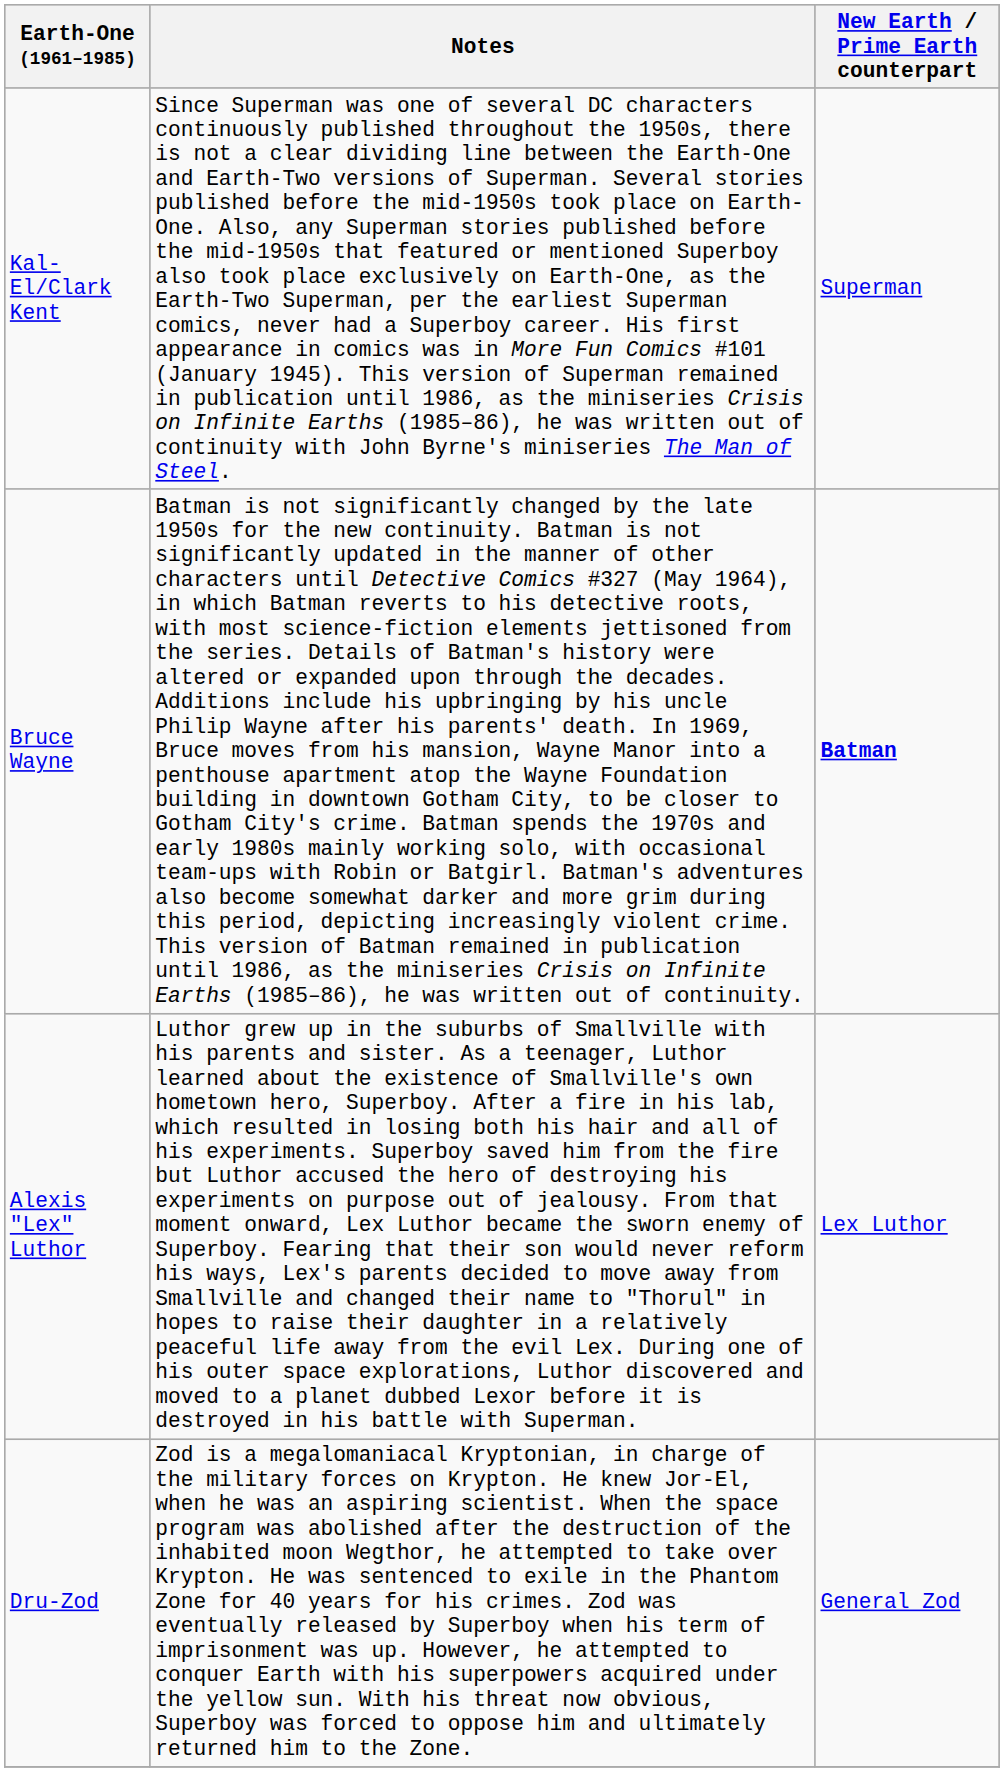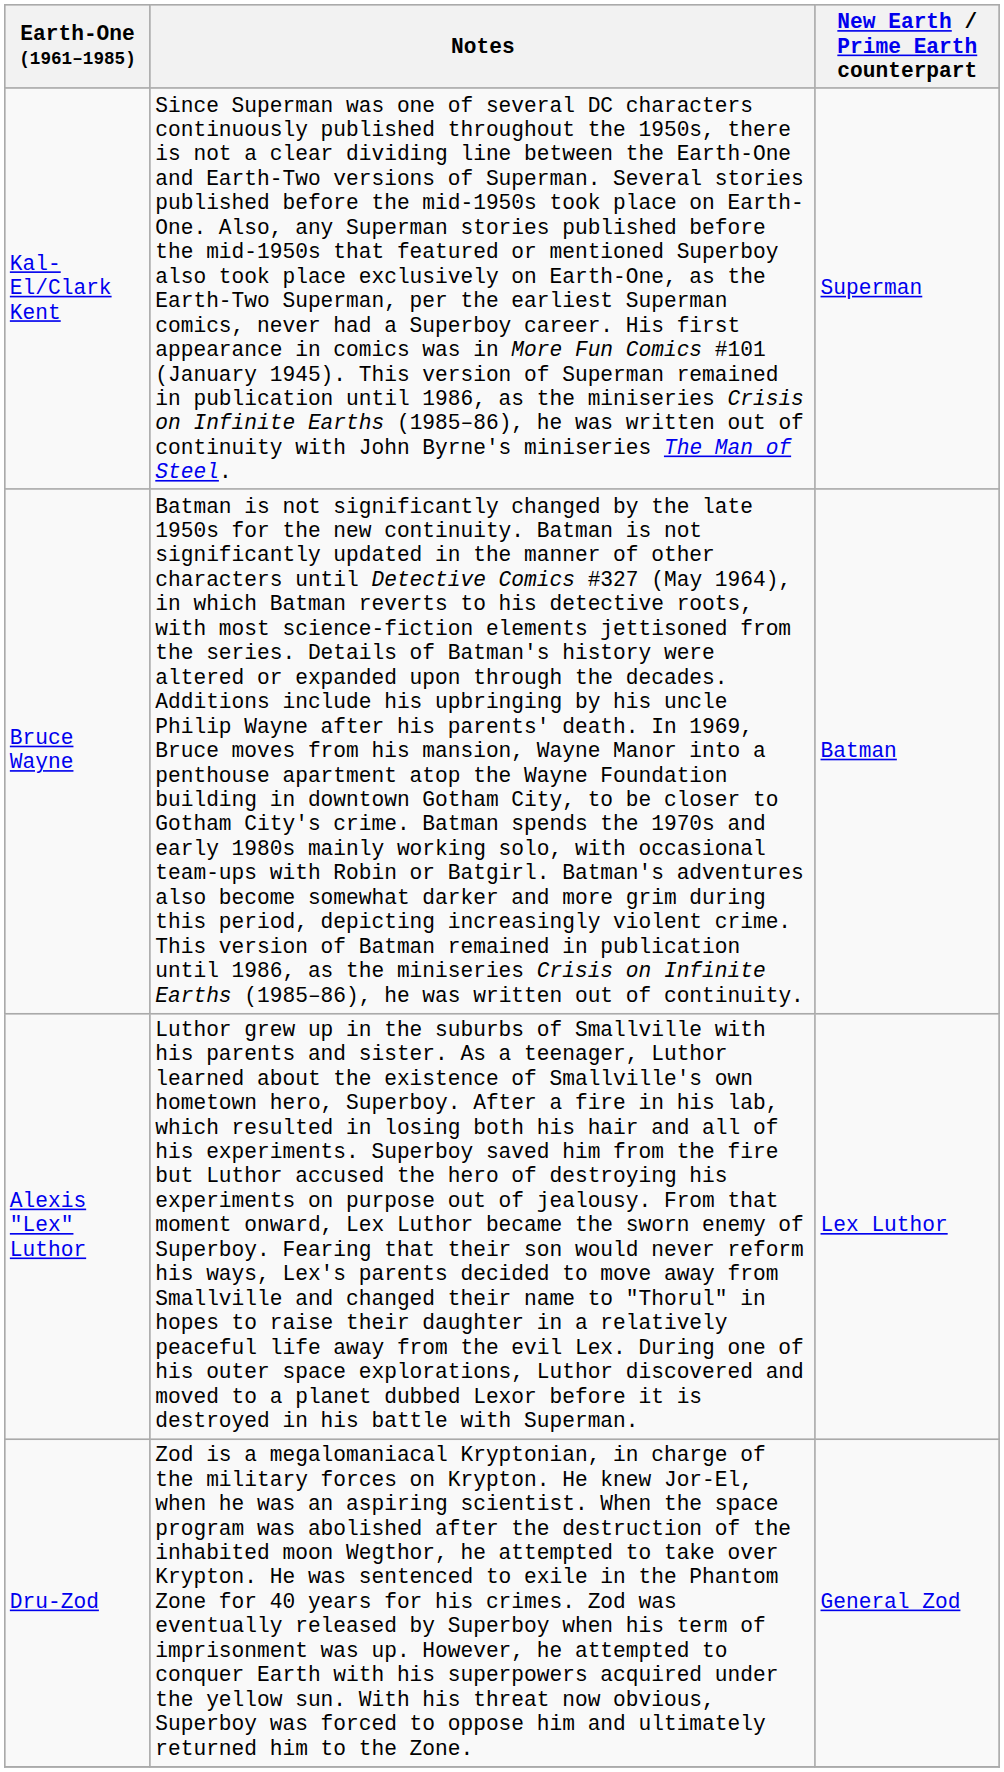 <table class="wikitable">
 <tr>
 <th width=10%>Earth-One<br><small>(1961–1985)</small></th>
 <th width=50%>Notes</th>
 <th width=10%><a href='#'>New Earth</a> / <a href='#'>Prime Earth</a><br>counterpart</th>
 </tr>
 <tr>
 <td><a href='#'>Kal-El/Clark Kent</a></td>
 <td>Since Superman was one of several DC characters continuously published throughout the 1950s, there is not a clear dividing line between the Earth-One and Earth-Two versions of Superman. Several stories published before the mid-1950s took place on Earth-One. Also, any Superman stories published before the mid-1950s that featured or mentioned Superboy also took place exclusively on Earth-One, as the Earth-Two Superman, per the earliest Superman comics, never had a Superboy career. His first appearance in comics was in <em>More Fun Comics</em> #101 (January 1945). This version of Superman remained in publication until 1986, as the miniseries <em>Crisis on Infinite Earths</em> (1985–86), he was written out of continuity with John Byrne's miniseries <a href='#'><em>The Man of Steel</em></a>.</td>
 <td><a href='#'>Superman</a></td>
 </tr>
 <tr>
 <td><a href='#'>Bruce Wayne</a></td>
 <td>Batman is not significantly changed by the late 1950s for the new continuity. Batman is not significantly updated in the manner of other characters until <em>Detective Comics</em> #327 (May 1964), in which Batman reverts to his detective roots, with most science-fiction elements jettisoned from the series. Details of Batman's history were altered or expanded upon through the decades. Additions include his upbringing by his uncle Philip Wayne after his parents' death. In 1969, Bruce moves from his mansion, Wayne Manor into a penthouse apartment atop the Wayne Foundation building in downtown Gotham City, to be closer to Gotham City's crime. Batman spends the 1970s and early 1980s mainly working solo, with occasional team-ups with Robin or Batgirl. Batman's adventures also become somewhat darker and more grim during this period, depicting increasingly violent crime. This version of Batman remained in publication until 1986, as the miniseries <em>Crisis on Infinite Earths</em> (1985–86), he was written out of continuity.</td>
-<td><strong><a href='#'>Batman</a></strong></td>
+<td><a href='#'>Batman</a></td>
 </tr>
 <tr>
 <td><a href='#'>Alexis "Lex" Luthor</a></td>
 <td>Luthor grew up in the suburbs of Smallville with his parents and sister. As a teenager, Luthor learned about the existence of Smallville's own hometown hero, Superboy. After a fire in his lab, which resulted in losing both his hair and all of his experiments. Superboy saved him from the fire but Luthor accused the hero of destroying his experiments on purpose out of jealousy. From that moment onward, Lex Luthor became the sworn enemy of Superboy. Fearing that their son would never reform his ways, Lex's parents decided to move away from Smallville and changed their name to "Thorul" in hopes to raise their daughter in a relatively peaceful life away from the evil Lex. During one of his outer space explorations, Luthor discovered and moved to a planet dubbed Lexor before it is destroyed in his battle with Superman.</td>
 <td><a href='#'>Lex Luthor</a></td>
 </tr>
 <tr>
 <td><a href='#'>Dru-Zod</a></td>
 <td>Zod is a megalomaniacal Kryptonian, in charge of the military forces on Krypton. He knew Jor-El, when he was an aspiring scientist. When the space program was abolished after the destruction of the inhabited moon Wegthor, he attempted to take over Krypton. He was sentenced to exile in the Phantom Zone for 40 years for his crimes. Zod was eventually released by Superboy when his term of imprisonment was up. However, he attempted to conquer Earth with his superpowers acquired under the yellow sun. With his threat now obvious, Superboy was forced to oppose him and ultimately returned him to the Zone.</td>
 <td><a href='#'>General Zod</a></td>
 </tr>
 <tr>
 </tr>
 </table>
